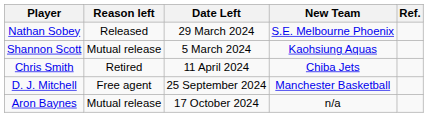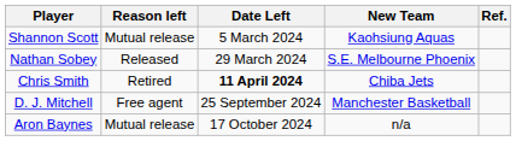 <table class="wikitable sortable sortable" style="text-align: center">
 <tr>
 <th>Player</th>
 <th>Reason left</th>
 <th>Date Left</th>
 <th>New Team</th>
 <th>Ref.</th>
 </tr>
 <tr>
+<td><a href='#'>Shannon Scott</a></td>
+<td>Mutual release</td>
+<td>5 March 2024</td>
+<td><a href='#'>Kaohsiung Aquas</a></td>
+<td></td>
+</tr>
+<tr>
 <td><a href='#'>Nathan Sobey</a></td>
 <td>Released</td>
 <td>29 March 2024</td>
 <td><a href='#'>S.E. Melbourne Phoenix</a></td>
 <td></td>
 </tr>
 <tr>
-<td><a href='#'>Shannon Scott</a></td>
-<td>Mutual release</td>
-<td>5 March 2024</td>
-<td><a href='#'>Kaohsiung Aquas</a></td>
-<td></td>
-</tr>
-<tr>
 <td><a href='#'>Chris Smith</a></td>
 <td>Retired</td>
-<td>11 April 2024</td>
+<td><strong>11 April 2024</strong></td>
 <td><a href='#'>Chiba Jets</a></td>
 <td></td>
 </tr>
 <tr>
 <td><a href='#'>D. J. Mitchell</a></td>
 <td>Free agent</td>
 <td>25 September 2024</td>
 <td><a href='#'>Manchester Basketball</a></td>
 <td></td>
 </tr>
 <tr>
 <td><a href='#'>Aron Baynes</a></td>
 <td>Mutual release</td>
 <td>17 October 2024</td>
 <td>n/a</td>
 <td></td>
 </tr>
 </table>
